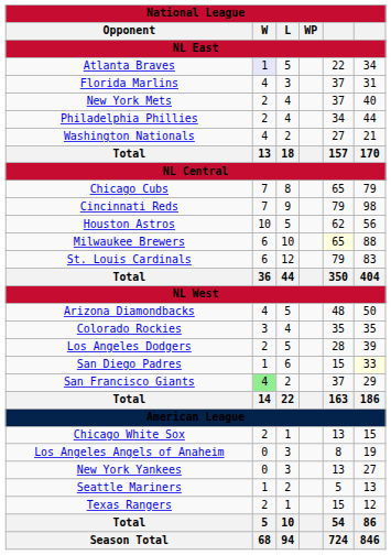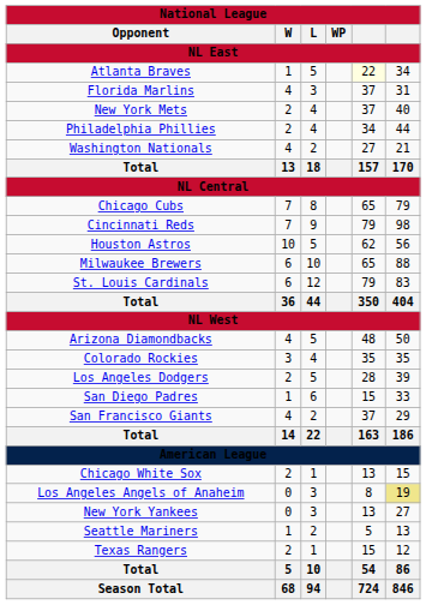 <table class="wikitable" style="font-size:95%; text-align:center; width:35em; margin:1em auto;">
 <tr>
 <td colspan="7" style="background:#c60c30"><span> <strong>National League</strong> </span></td>
 </tr>
 <tr>
 <th>Opponent</th>
 <th>W</th>
 <th>L</th>
 <th>WP</th>
 <th></th>
 <th></th>
 </tr>
 <tr>
 <td colspan="7" style="background:#c60c30"><span> <strong>NL East</strong> </span></td>
 </tr>
 <tr>
 <td><a href='#'>Atlanta Braves</a></td>
-<td style="background: lavender;">1</td>
+<td>1</td>
 <td>5</td>
 <td></td>
-<td>22</td>
+<td style="background: lightyellow;">22</td>
 <td>34</td>
 </tr>
 <tr>
 <td><a href='#'>Florida Marlins</a></td>
 <td>4</td>
 <td>3</td>
 <td></td>
 <td>37</td>
 <td>31</td>
 </tr>
 <tr>
 <td><a href='#'>New York Mets</a></td>
 <td>2</td>
 <td>4</td>
 <td></td>
 <td>37</td>
 <td>40</td>
 </tr>
 <tr>
 <td><a href='#'>Philadelphia Phillies</a></td>
 <td>2</td>
 <td>4</td>
 <td></td>
 <td>34</td>
 <td>44</td>
 </tr>
 <tr>
 <td><a href='#'>Washington Nationals</a></td>
 <td>4</td>
 <td>2</td>
 <td></td>
 <td>27</td>
 <td>21</td>
 </tr>
 <tr>
 <th>Total</th>
 <th>13</th>
 <th>18</th>
 <th></th>
 <th>157</th>
 <th>170</th>
 </tr>
 <tr>
 <td colspan="7" style="background:#c60c30"><span> <strong>NL Central</strong> </span></td>
 </tr>
 <tr>
 <td><a href='#'>Chicago Cubs</a></td>
 <td>7</td>
 <td>8</td>
 <td></td>
 <td>65</td>
 <td>79</td>
 </tr>
 <tr>
 <td><a href='#'>Cincinnati Reds</a></td>
 <td>7</td>
 <td>9</td>
 <td></td>
 <td>79</td>
 <td>98</td>
 </tr>
 <tr>
 <td><a href='#'>Houston Astros</a></td>
 <td>10</td>
 <td>5</td>
 <td></td>
 <td>62</td>
 <td>56</td>
 </tr>
 <tr>
 <td><a href='#'>Milwaukee Brewers</a></td>
 <td>6</td>
 <td>10</td>
 <td></td>
-<td style="background: lightyellow;">65</td>
+<td>65</td>
 <td>88</td>
 </tr>
 <tr>
 <td><a href='#'>St. Louis Cardinals</a></td>
 <td>6</td>
 <td>12</td>
 <td></td>
 <td>79</td>
 <td>83</td>
 </tr>
 <tr>
 <th>Total</th>
 <th>36</th>
 <th>44</th>
 <th></th>
 <th>350</th>
 <th>404</th>
 </tr>
 <tr>
 <td colspan="7" style="background:#c60c30"><span> <strong>NL West</strong> </span></td>
 </tr>
 <tr>
 <td><a href='#'>Arizona Diamondbacks</a></td>
 <td>4</td>
 <td>5</td>
 <td></td>
 <td>48</td>
 <td>50</td>
 </tr>
 <tr>
 <td><a href='#'>Colorado Rockies</a></td>
 <td>3</td>
 <td>4</td>
 <td></td>
 <td>35</td>
 <td>35</td>
 </tr>
 <tr>
 <td><a href='#'>Los Angeles Dodgers</a></td>
 <td>2</td>
 <td>5</td>
 <td></td>
 <td>28</td>
 <td>39</td>
 </tr>
 <tr>
 <td><a href='#'>San Diego Padres</a></td>
 <td>1</td>
 <td>6</td>
 <td></td>
 <td>15</td>
-<td style="background: lightyellow;">33</td>
+<td>33</td>
 </tr>
 <tr>
 <td><a href='#'>San Francisco Giants</a></td>
-<td style="background: lightgreen;">4</td>
+<td>4</td>
 <td>2</td>
 <td></td>
 <td>37</td>
 <td>29</td>
 </tr>
 <tr>
 <th>Total</th>
 <th>14</th>
 <th>22</th>
 <th></th>
 <th>163</th>
 <th>186</th>
 </tr>
 <tr>
 <td colspan="7" style="background:#03224c"><span> <strong>American League</strong> </span></td>
 </tr>
 <tr>
 <td><a href='#'>Chicago White Sox</a></td>
 <td>2</td>
 <td>1</td>
 <td></td>
 <td>13</td>
 <td>15</td>
 </tr>
 <tr>
 <td><a href='#'>Los Angeles Angels of Anaheim</a></td>
 <td>0</td>
 <td>3</td>
 <td></td>
 <td>8</td>
-<td>19</td>
+<td style="background: khaki;">19</td>
 </tr>
 <tr>
 <td><a href='#'>New York Yankees</a></td>
 <td>0</td>
 <td>3</td>
 <td></td>
 <td>13</td>
 <td>27</td>
 </tr>
 <tr>
 <td><a href='#'>Seattle Mariners</a></td>
 <td>1</td>
 <td>2</td>
 <td></td>
 <td>5</td>
 <td>13</td>
 </tr>
 <tr>
 <td><a href='#'>Texas Rangers</a></td>
 <td>2</td>
 <td>1</td>
 <td></td>
 <td>15</td>
 <td>12</td>
 </tr>
 <tr>
 <th>Total</th>
 <th>5</th>
 <th>10</th>
 <th></th>
 <th>54</th>
 <th>86</th>
 </tr>
 <tr>
 <th>Season Total</th>
 <th>68</th>
 <th>94</th>
 <th></th>
 <th>724</th>
 <th>846</th>
 </tr>
 </table>
